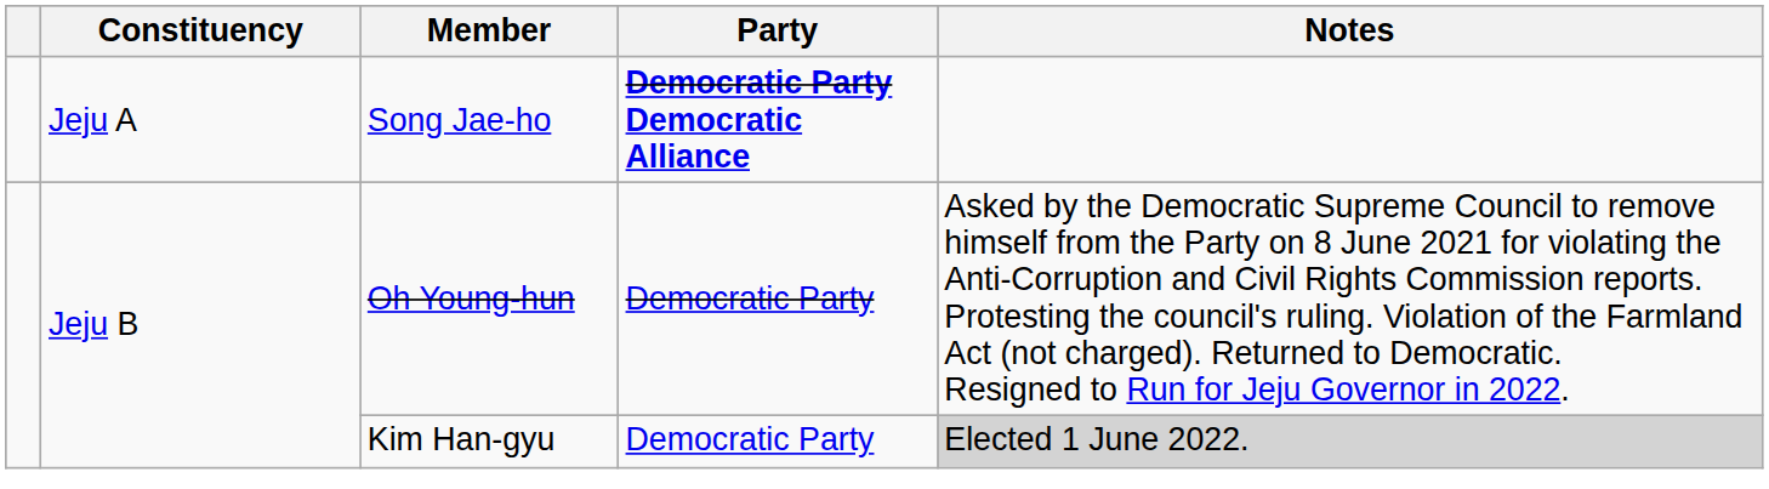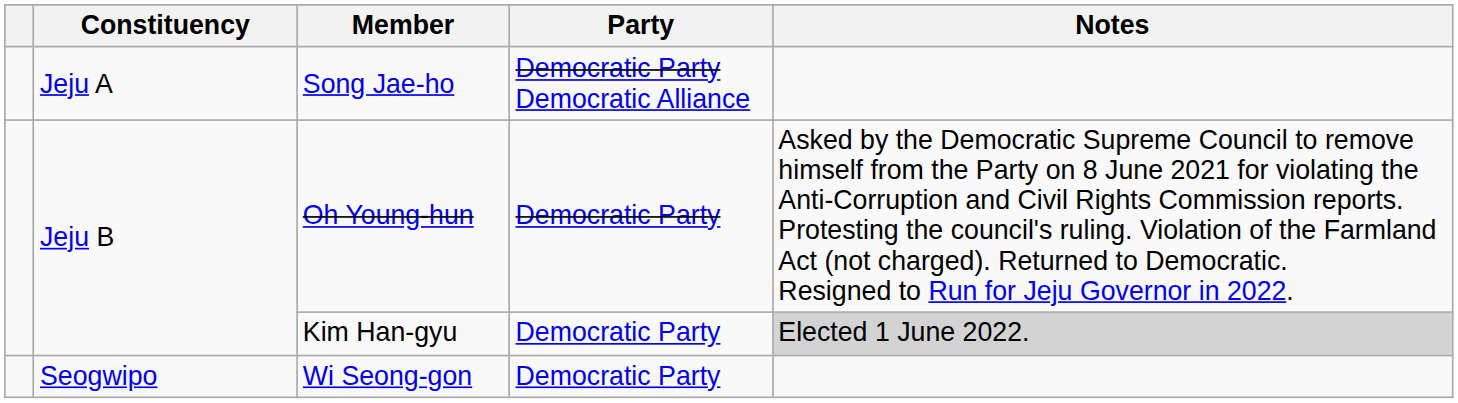 <table class="wikitable sortable">
 <tr>
 <th scope="col" style="width:10px;" class="unsortable"></th>
 <th scope="col" style="width:150px;">Constituency</th>
 <th scope="col" style="width:120px;">Member</th>
 <th scope="col" style="width:150px;">Party</th>
 <th scope="col" style="width:400px;" class="unsortable">Notes</th>
 </tr>
 <tr>
 <td scope="row" style="background-color:"></td>
 <td><a href='#'>Jeju</a> A</td>
 <td><a href='#'>Song Jae-ho</a></td>
-<td><strong><s><a href='#'>Democratic Party</a></s><br><a href='#'>Democratic Alliance</a></strong></td>
+<td><s><a href='#'>Democratic Party</a></s><br><a href='#'>Democratic Alliance</a></td>
 <td></td>
 </tr>
 <tr>
 <td rowspan="2" scope="row" style="background-color:"></td>
 <td rowspan="2"><a href='#'>Jeju</a> B</td>
 <td><s><a href='#'>Oh Young-hun</a></s></td>
 <td><s><a href='#'>Democratic Party</a></s></td>
 <td>Asked by the Democratic Supreme Council to remove himself from the Party on 8 June 2021 for violating the Anti-Corruption and Civil Rights Commission reports. Protesting the council's ruling. Violation of the Farmland Act (not charged). Returned to Democratic.<br> Resigned to <a href='#'>Run for Jeju Governor in 2022</a>.</td>
 </tr>
 <tr>
 <td>Kim Han-gyu</td>
 <td><a href='#'>Democratic Party</a></td>
 <td style="background: lightgrey;">Elected 1 June 2022.</td>
 </tr>
+<tr>
+<td scope="row" style="background-color:"></td>
+<td><a href='#'>Seogwipo</a></td>
+<td><a href='#'>Wi Seong-gon</a></td>
+<td><a href='#'>Democratic Party</a></td>
+<td></td>
+</tr>
 </table>
